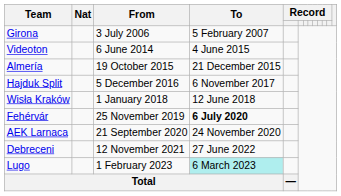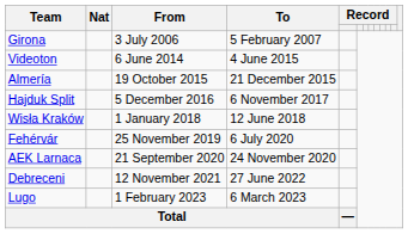 <table class="wikitable" style="text-align: center">
 <tr>
 <th rowspan="2">Team</th>
 <th rowspan="2">Nat</th>
 <th rowspan="2">From</th>
 <th rowspan="2">To</th>
 <th colspan="8">Record</th>
 <th rowspan=2></th>
 </tr>
 <tr>
 <th></th>
 <th></th>
 <th></th>
 <th></th>
 <th></th>
 <th></th>
 <th></th>
 <th></th>
 </tr>
 <tr>
 <td align="left"><a href='#'>Girona</a></td>
 <td></td>
 <td align=left>3 July 2006</td>
 <td align=left>5 February 2007<br></td>
 <td></td>
 </tr>
 <tr>
 <td align="left"><a href='#'>Videoton</a></td>
 <td></td>
 <td align=left>6 June 2014</td>
 <td align=left>4 June 2015<br></td>
 <td></td>
 </tr>
 <tr>
 <td align="left"><a href='#'>Almería</a></td>
 <td></td>
 <td align=left>19 October 2015</td>
 <td align=left>21 December 2015<br></td>
 <td></td>
 </tr>
 <tr>
 <td align="left"><a href='#'>Hajduk Split</a></td>
 <td></td>
 <td align=left>5 December 2016</td>
 <td align=left>6 November 2017<br></td>
 <td></td>
 </tr>
 <tr>
 <td align="left"><a href='#'>Wisła Kraków</a></td>
 <td></td>
 <td align=left>1 January 2018</td>
 <td align=left>12 June 2018<br></td>
 <td></td>
 </tr>
 <tr>
 <td align="left"><a href='#'>Fehérvár</a></td>
 <td></td>
 <td align=left>25 November 2019</td>
-<td align=left><strong>6 July 2020<br></strong></td>
+<td align=left>6 July 2020<br></td>
 <td></td>
 </tr>
 <tr>
 <td align="left"><a href='#'>AEK Larnaca</a></td>
 <td></td>
 <td align=left>21 September 2020</td>
 <td align=left>24 November 2020<br></td>
 <td></td>
 </tr>
 <tr>
 <td align="left"><a href='#'>Debreceni</a></td>
 <td></td>
 <td align=left>12 November 2021</td>
 <td align=left>27 June 2022<br></td>
 <td></td>
 </tr>
 <tr>
 <td align="left"><a href='#'>Lugo</a></td>
 <td></td>
 <td align=left>1 February 2023</td>
-<td align=left style="background: paleturquoise;">6 March 2023<br></td>
+<td align=left>6 March 2023<br></td>
 <td></td>
 </tr>
 <tr>
 <th colspan=4>Total<br></th>
 <th>—</th>
 </tr>
 </table>
